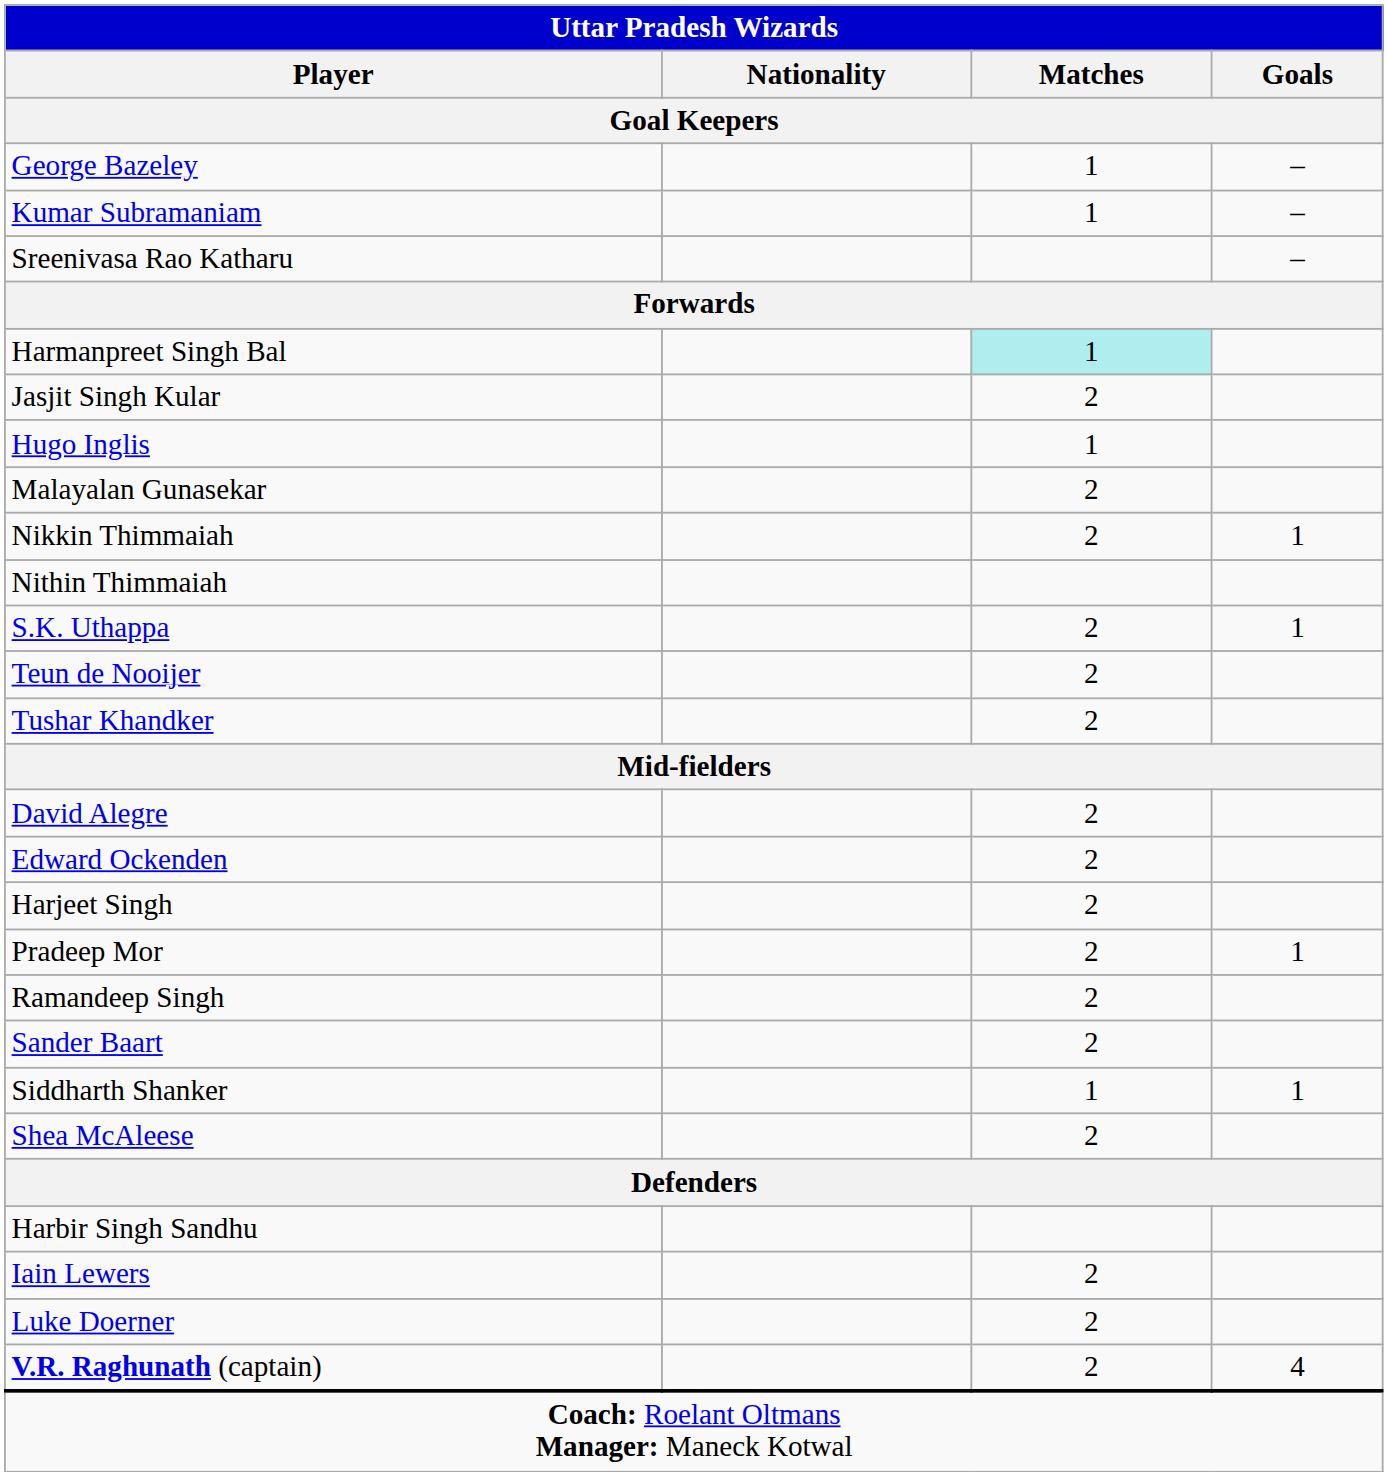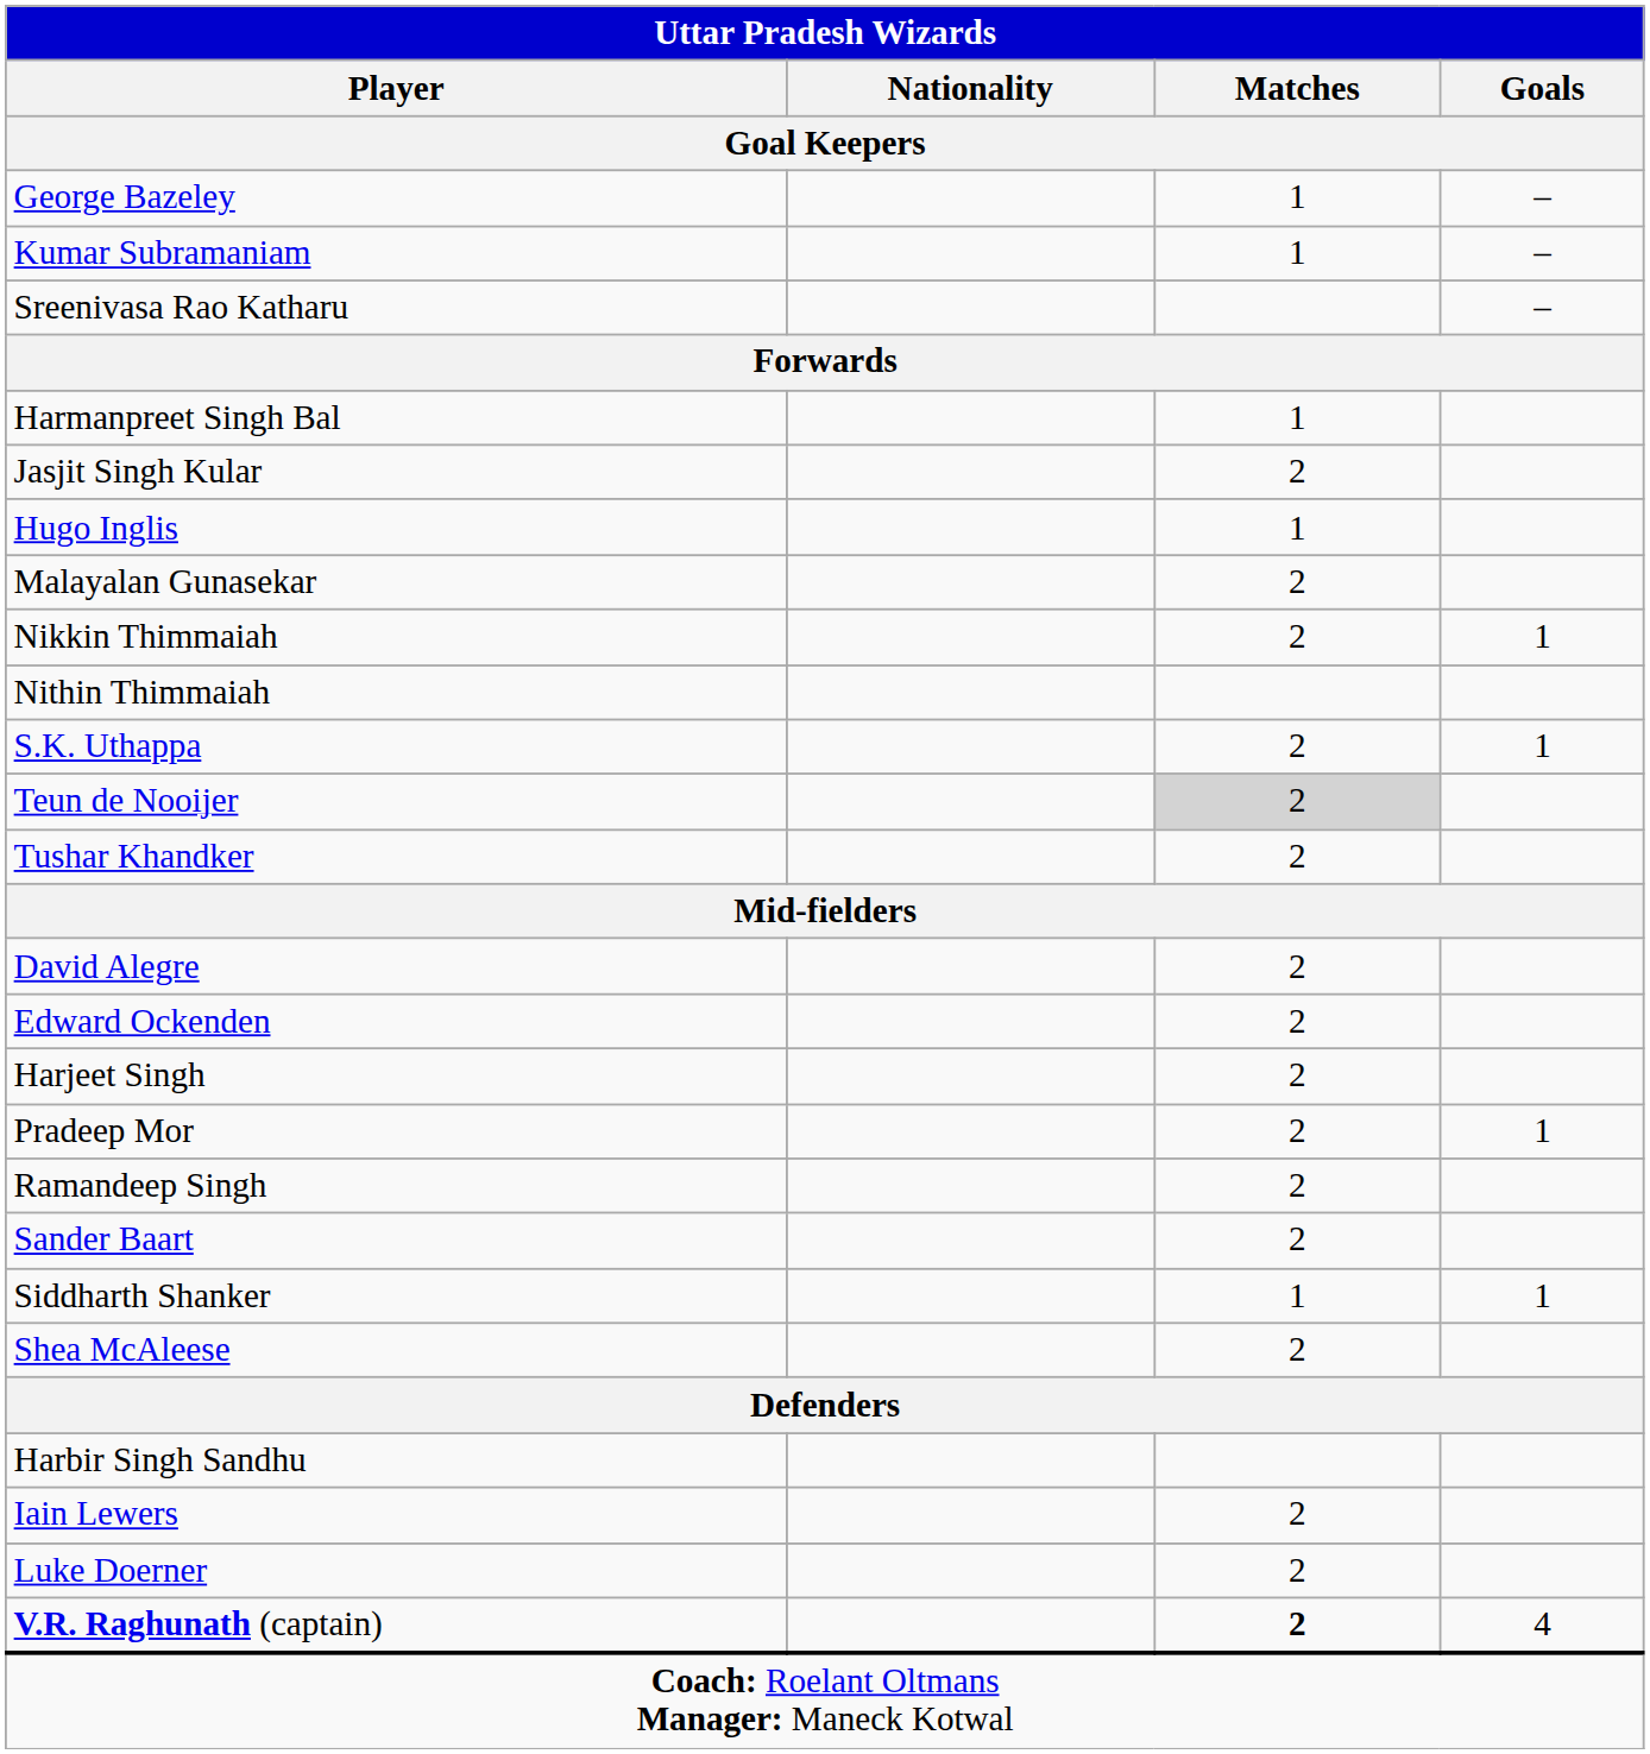 <table class="wikitable" style="width:60%;text-align:center;">
 <tr>
 <th colspan="4" style="background: #0000CD; color:#FFFFFF">Uttar Pradesh Wizards</th>
 </tr>
 <tr>
 <th>Player</th>
 <th>Nationality</th>
 <th>Matches</th>
 <th>Goals</th>
 </tr>
 <tr>
 <th colspan="4">Goal Keepers</th>
 </tr>
 <tr>
 <td style="text-align:left"><a href='#'>George Bazeley</a></td>
 <td style="text-align:left"></td>
 <td>1</td>
 <td>–</td>
 </tr>
 <tr>
 <td style="text-align:left"><a href='#'>Kumar Subramaniam</a></td>
 <td style="text-align:left"></td>
 <td>1</td>
 <td>–</td>
 </tr>
 <tr>
 <td style="text-align:left">Sreenivasa Rao Katharu</td>
 <td style="text-align:left"></td>
 <td></td>
 <td>–</td>
 </tr>
 <tr>
 <th colspan="4">Forwards</th>
 </tr>
 <tr>
 <td style="text-align:left">Harmanpreet Singh Bal</td>
 <td style="text-align:left"></td>
-<td style="background: paleturquoise;">1</td>
+<td>1</td>
 <td></td>
 </tr>
 <tr>
 <td style="text-align:left">Jasjit Singh Kular</td>
 <td style="text-align:left"></td>
 <td>2</td>
 <td></td>
 </tr>
 <tr>
 <td style="text-align:left"><a href='#'>Hugo Inglis</a></td>
 <td style="text-align:left"></td>
 <td>1</td>
 <td></td>
 </tr>
 <tr>
 <td style="text-align:left">Malayalan Gunasekar</td>
 <td style="text-align:left"></td>
 <td>2</td>
 <td></td>
 </tr>
 <tr>
 <td style="text-align:left">Nikkin Thimmaiah</td>
 <td style="text-align:left"></td>
 <td>2</td>
 <td>1</td>
 </tr>
 <tr>
 <td style="text-align:left">Nithin Thimmaiah</td>
 <td style="text-align:left"></td>
 <td></td>
 <td></td>
 </tr>
 <tr>
 <td style="text-align:left"><a href='#'>S.K. Uthappa</a></td>
 <td style="text-align:left"></td>
 <td>2</td>
 <td>1</td>
 </tr>
 <tr>
 <td style="text-align:left"><a href='#'>Teun de Nooijer</a></td>
 <td style="text-align:left"></td>
-<td>2</td>
+<td style="background: lightgrey;">2</td>
 <td></td>
 </tr>
 <tr>
 <td style="text-align:left"><a href='#'>Tushar Khandker</a></td>
 <td style="text-align:left"></td>
 <td>2</td>
 <td></td>
 </tr>
 <tr>
 <th colspan="4">Mid-fielders</th>
 </tr>
 <tr>
 <td style="text-align:left"><a href='#'>David Alegre</a></td>
 <td style="text-align:left"></td>
 <td>2</td>
 <td></td>
 </tr>
 <tr>
 <td style="text-align:left"><a href='#'>Edward Ockenden</a></td>
 <td style="text-align:left"></td>
 <td>2</td>
 <td></td>
 </tr>
 <tr>
 <td style="text-align:left">Harjeet Singh</td>
 <td style="text-align:left"></td>
 <td>2</td>
 <td></td>
 </tr>
 <tr>
 <td style="text-align:left">Pradeep Mor</td>
 <td style="text-align:left"></td>
 <td>2</td>
 <td>1</td>
 </tr>
 <tr>
 <td style="text-align:left">Ramandeep Singh</td>
 <td style="text-align:left"></td>
 <td>2</td>
 <td></td>
 </tr>
 <tr>
 <td style="text-align:left"><a href='#'>Sander Baart</a></td>
 <td style="text-align:left"></td>
 <td>2</td>
 <td></td>
 </tr>
 <tr>
 <td style="text-align:left">Siddharth Shanker</td>
 <td style="text-align:left"></td>
 <td>1</td>
 <td>1</td>
 </tr>
 <tr>
 <td style="text-align:left"><a href='#'>Shea McAleese</a></td>
 <td style="text-align:left"></td>
 <td>2</td>
 <td></td>
 </tr>
 <tr>
 <th colspan="4">Defenders</th>
 </tr>
 <tr>
 <td style="text-align:left">Harbir Singh Sandhu</td>
 <td style="text-align:left"></td>
 <td></td>
 <td></td>
 </tr>
 <tr>
 <td style="text-align:left"><a href='#'>Iain Lewers</a></td>
 <td style="text-align:left"></td>
 <td>2</td>
 <td></td>
 </tr>
 <tr>
 <td style="text-align:left"><a href='#'>Luke Doerner</a></td>
 <td style="text-align:left"></td>
 <td>2</td>
 <td></td>
 </tr>
 <tr>
 <td style="text-align:left"><strong><a href='#'>V.R. Raghunath</a></strong> (captain)</td>
 <td style="text-align:left"><strong></strong></td>
-<td>2</td>
+<td><strong>2</strong></td>
 <td>4</td>
 </tr>
 <tr style="border-top:2px solid black;">
 <td colspan="7"><strong>Coach:</strong> <a href='#'>Roelant Oltmans</a> <br> <strong>Manager:</strong> Maneck Kotwal</td>
 </tr>
 </table>
